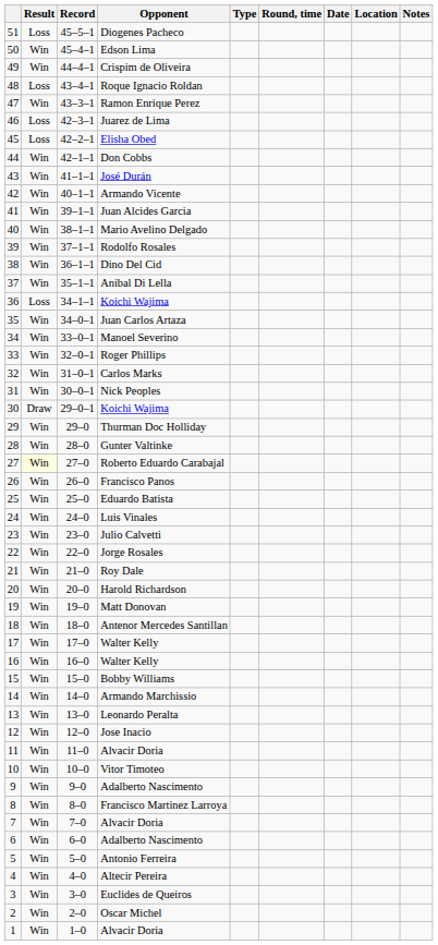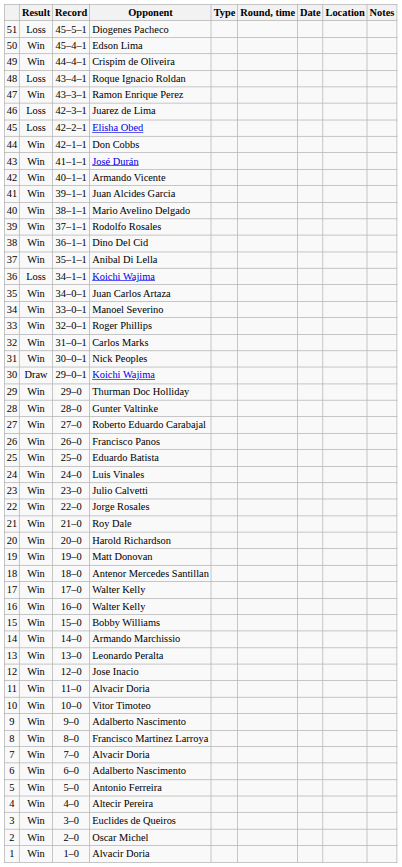 <table class="wikitable" style="text-align:center">
 <tr>
 <th></th>
 <th>Result</th>
 <th>Record</th>
 <th>Opponent</th>
 <th>Type</th>
 <th>Round, time</th>
 <th>Date</th>
 <th>Location</th>
 <th>Notes</th>
 </tr>
 <tr>
 <td>51</td>
 <td>Loss</td>
 <td>45–5–1</td>
 <td align=left>Diogenes Pacheco</td>
 <td></td>
 <td></td>
 <td></td>
 <td align=left></td>
 <td align=left></td>
 </tr>
 <tr>
 <td>50</td>
 <td>Win</td>
 <td>45–4–1</td>
 <td align=left>Edson Lima</td>
 <td></td>
 <td></td>
 <td></td>
 <td align=left></td>
 <td align=left></td>
 </tr>
 <tr>
 <td>49</td>
 <td>Win</td>
 <td>44–4–1</td>
 <td align=left>Crispim de Oliveira</td>
 <td></td>
 <td></td>
 <td></td>
 <td align=left></td>
 <td align=left></td>
 </tr>
 <tr>
 <td>48</td>
 <td>Loss</td>
 <td>43–4–1</td>
 <td align=left>Roque Ignacio Roldan</td>
 <td></td>
 <td></td>
 <td></td>
 <td align=left></td>
 <td align=left></td>
 </tr>
 <tr>
 <td>47</td>
 <td>Win</td>
 <td>43–3–1</td>
 <td align=left>Ramon Enrique Perez</td>
 <td></td>
 <td></td>
 <td></td>
 <td align=left></td>
 <td align=left></td>
 </tr>
 <tr>
 <td>46</td>
 <td>Loss</td>
 <td>42–3–1</td>
 <td align=left>Juarez de Lima</td>
 <td></td>
 <td></td>
 <td></td>
 <td align=left></td>
 <td align=left></td>
 </tr>
 <tr>
 <td>45</td>
 <td>Loss</td>
 <td>42–2–1</td>
 <td align=left><a href='#'>Elisha Obed</a></td>
 <td></td>
 <td></td>
 <td></td>
 <td align=left></td>
 <td align=left></td>
 </tr>
 <tr>
 <td>44</td>
 <td>Win</td>
 <td>42–1–1</td>
 <td align=left>Don Cobbs</td>
 <td></td>
 <td></td>
 <td></td>
 <td align=left></td>
 <td align=left></td>
 </tr>
 <tr>
 <td>43</td>
 <td>Win</td>
 <td>41–1–1</td>
 <td align=left><a href='#'>José Durán</a></td>
 <td></td>
 <td></td>
 <td></td>
 <td align=left></td>
 <td align=left></td>
 </tr>
 <tr>
 <td>42</td>
 <td>Win</td>
 <td>40–1–1</td>
 <td align=left>Armando Vicente</td>
 <td></td>
 <td></td>
 <td></td>
 <td align=left></td>
 <td align=left></td>
 </tr>
 <tr>
 <td>41</td>
 <td>Win</td>
 <td>39–1–1</td>
 <td align=left>Juan Alcides Garcia</td>
 <td></td>
 <td></td>
 <td></td>
 <td align=left></td>
 <td align=left></td>
 </tr>
 <tr>
 <td>40</td>
 <td>Win</td>
 <td>38–1–1</td>
 <td align=left>Mario Avelino Delgado</td>
 <td></td>
 <td></td>
 <td></td>
 <td align=left></td>
 <td align=left></td>
 </tr>
 <tr>
 <td>39</td>
 <td>Win</td>
 <td>37–1–1</td>
 <td align=left>Rodolfo Rosales</td>
 <td></td>
 <td></td>
 <td></td>
 <td align=left></td>
 <td align=left></td>
 </tr>
 <tr>
 <td>38</td>
 <td>Win</td>
 <td>36–1–1</td>
 <td align=left>Dino Del Cid</td>
 <td></td>
 <td></td>
 <td></td>
 <td align=left></td>
 <td align=left></td>
 </tr>
 <tr>
 <td>37</td>
 <td>Win</td>
 <td>35–1–1</td>
 <td align=left>Anibal Di Lella</td>
 <td></td>
 <td></td>
 <td></td>
 <td align=left></td>
 <td align=left></td>
 </tr>
 <tr>
 <td>36</td>
 <td>Loss</td>
 <td>34–1–1</td>
 <td align=left><a href='#'>Koichi Wajima</a></td>
 <td></td>
 <td></td>
 <td></td>
 <td align=left></td>
 <td align=left></td>
 </tr>
 <tr>
 <td>35</td>
 <td>Win</td>
 <td>34–0–1</td>
 <td align=left>Juan Carlos Artaza</td>
 <td></td>
 <td></td>
 <td></td>
 <td align=left></td>
 <td align=left></td>
 </tr>
 <tr>
 <td>34</td>
 <td>Win</td>
 <td>33–0–1</td>
 <td align=left>Manoel Severino</td>
 <td></td>
 <td></td>
 <td></td>
 <td align=left></td>
 <td align=left></td>
 </tr>
 <tr>
 <td>33</td>
 <td>Win</td>
 <td>32–0–1</td>
 <td align=left>Roger Phillips</td>
 <td></td>
 <td></td>
 <td></td>
 <td align=left></td>
 <td align=left></td>
 </tr>
 <tr>
 <td>32</td>
 <td>Win</td>
 <td>31–0–1</td>
 <td align=left>Carlos Marks</td>
 <td></td>
 <td></td>
 <td></td>
 <td align=left></td>
 <td align=left></td>
 </tr>
 <tr>
 <td>31</td>
 <td>Win</td>
 <td>30–0–1</td>
 <td align=left>Nick Peoples</td>
 <td></td>
 <td></td>
 <td></td>
 <td align=left></td>
 <td align=left></td>
 </tr>
 <tr>
 <td>30</td>
 <td>Draw</td>
 <td>29–0–1</td>
 <td align=left><a href='#'>Koichi Wajima</a></td>
 <td></td>
 <td></td>
 <td></td>
 <td align=left></td>
 <td align=left></td>
 </tr>
 <tr>
 <td>29</td>
 <td>Win</td>
 <td>29–0</td>
 <td align=left>Thurman Doc Holliday</td>
 <td></td>
 <td></td>
 <td></td>
 <td align=left></td>
 <td align=left></td>
 </tr>
 <tr>
 <td>28</td>
 <td>Win</td>
 <td>28–0</td>
 <td align=left>Gunter Valtinke</td>
 <td></td>
 <td></td>
 <td></td>
 <td align=left></td>
 <td align=left></td>
 </tr>
 <tr>
 <td>27</td>
-<td style="background: lightyellow;">Win</td>
+<td>Win</td>
 <td>27–0</td>
 <td align=left>Roberto Eduardo Carabajal</td>
 <td></td>
 <td></td>
 <td></td>
 <td align=left></td>
 <td align=left></td>
 </tr>
 <tr>
 <td>26</td>
 <td>Win</td>
 <td>26–0</td>
 <td align=left>Francisco Panos</td>
 <td></td>
 <td></td>
 <td></td>
 <td align=left></td>
 <td align=left></td>
 </tr>
 <tr>
 <td>25</td>
 <td>Win</td>
 <td>25–0</td>
 <td align=left>Eduardo Batista</td>
 <td></td>
 <td></td>
 <td></td>
 <td align=left></td>
 <td align=left></td>
 </tr>
 <tr>
 <td>24</td>
 <td>Win</td>
 <td>24–0</td>
 <td align=left>Luis Vinales</td>
 <td></td>
 <td></td>
 <td></td>
 <td align=left></td>
 <td align=left></td>
 </tr>
 <tr>
 <td>23</td>
 <td>Win</td>
 <td>23–0</td>
 <td align=left>Julio Calvetti</td>
 <td></td>
 <td></td>
 <td></td>
 <td align=left></td>
 <td align=left></td>
 </tr>
 <tr>
 <td>22</td>
 <td>Win</td>
 <td>22–0</td>
 <td align=left>Jorge Rosales</td>
 <td></td>
 <td></td>
 <td></td>
 <td align=left></td>
 <td align=left></td>
 </tr>
 <tr>
 <td>21</td>
 <td>Win</td>
 <td>21–0</td>
 <td align=left>Roy Dale</td>
 <td></td>
 <td></td>
 <td></td>
 <td align=left></td>
 <td align=left></td>
 </tr>
 <tr>
 <td>20</td>
 <td>Win</td>
 <td>20–0</td>
 <td align=left>Harold Richardson</td>
 <td></td>
 <td></td>
 <td></td>
 <td align=left></td>
 <td align=left></td>
 </tr>
 <tr>
 <td>19</td>
 <td>Win</td>
 <td>19–0</td>
 <td align=left>Matt Donovan</td>
 <td></td>
 <td></td>
 <td></td>
 <td align=left></td>
 <td align=left></td>
 </tr>
 <tr>
 <td>18</td>
 <td>Win</td>
 <td>18–0</td>
 <td align=left>Antenor Mercedes Santillan</td>
 <td></td>
 <td></td>
 <td></td>
 <td align=left></td>
 <td align=left></td>
 </tr>
 <tr>
 <td>17</td>
 <td>Win</td>
 <td>17–0</td>
 <td align=left>Walter Kelly</td>
 <td></td>
 <td></td>
 <td></td>
 <td align=left></td>
 <td align=left></td>
 </tr>
 <tr>
 <td>16</td>
 <td>Win</td>
 <td>16–0</td>
 <td align=left>Walter Kelly</td>
 <td></td>
 <td></td>
 <td></td>
 <td align=left></td>
 <td align=left></td>
 </tr>
 <tr>
 <td>15</td>
 <td>Win</td>
 <td>15–0</td>
 <td align=left>Bobby Williams</td>
 <td></td>
 <td></td>
 <td></td>
 <td align=left></td>
 <td align=left></td>
 </tr>
 <tr>
 <td>14</td>
 <td>Win</td>
 <td>14–0</td>
 <td align=left>Armando Marchissio</td>
 <td></td>
 <td></td>
 <td></td>
 <td align=left></td>
 <td align=left></td>
 </tr>
 <tr>
 <td>13</td>
 <td>Win</td>
 <td>13–0</td>
 <td align=left>Leonardo Peralta</td>
 <td></td>
 <td></td>
 <td></td>
 <td align=left></td>
 <td align=left></td>
 </tr>
 <tr>
 <td>12</td>
 <td>Win</td>
 <td>12–0</td>
 <td align=left>Jose Inacio</td>
 <td></td>
 <td></td>
 <td></td>
 <td align=left></td>
 <td align=left></td>
 </tr>
 <tr>
 <td>11</td>
 <td>Win</td>
 <td>11–0</td>
 <td align=left>Alvacir Doria</td>
 <td></td>
 <td></td>
 <td></td>
 <td align=left></td>
 <td align=left></td>
 </tr>
 <tr>
 <td>10</td>
 <td>Win</td>
 <td>10–0</td>
 <td align=left>Vitor Timoteo</td>
 <td></td>
 <td></td>
 <td></td>
 <td align=left></td>
 <td align=left></td>
 </tr>
 <tr>
 <td>9</td>
 <td>Win</td>
 <td>9–0</td>
 <td align=left>Adalberto Nascimento</td>
 <td></td>
 <td></td>
 <td></td>
 <td align=left></td>
 <td align=left></td>
 </tr>
 <tr>
 <td>8</td>
 <td>Win</td>
 <td>8–0</td>
 <td align=left>Francisco Martinez Larroya</td>
 <td></td>
 <td></td>
 <td></td>
 <td align=left></td>
 <td align=left></td>
 </tr>
 <tr>
 <td>7</td>
 <td>Win</td>
 <td>7–0</td>
 <td align=left>Alvacir Doria</td>
 <td></td>
 <td></td>
 <td></td>
 <td align=left></td>
 <td align=left></td>
 </tr>
 <tr>
 <td>6</td>
 <td>Win</td>
 <td>6–0</td>
 <td align=left>Adalberto Nascimento</td>
 <td></td>
 <td></td>
 <td></td>
 <td align=left></td>
 <td align=left></td>
 </tr>
 <tr>
 <td>5</td>
 <td>Win</td>
 <td>5–0</td>
 <td align=left>Antonio Ferreira</td>
 <td></td>
 <td></td>
 <td></td>
 <td align=left></td>
 <td align=left></td>
 </tr>
 <tr>
 <td>4</td>
 <td>Win</td>
 <td>4–0</td>
 <td align=left>Altecir Pereira</td>
 <td></td>
 <td></td>
 <td></td>
 <td align=left></td>
 <td align=left></td>
 </tr>
 <tr>
 <td>3</td>
 <td>Win</td>
 <td>3–0</td>
 <td align=left>Euclides de Queiros</td>
 <td></td>
 <td></td>
 <td></td>
 <td align=left></td>
 <td align=left></td>
 </tr>
 <tr>
 <td>2</td>
 <td>Win</td>
 <td>2–0</td>
 <td align=left>Oscar Michel</td>
 <td></td>
 <td></td>
 <td></td>
 <td align=left></td>
 <td align=left></td>
 </tr>
 <tr>
 <td>1</td>
 <td>Win</td>
 <td>1–0</td>
 <td align=left>Alvacir Doria</td>
 <td></td>
 <td></td>
 <td></td>
 <td align=left></td>
 <td align=left></td>
 </tr>
 </table>
